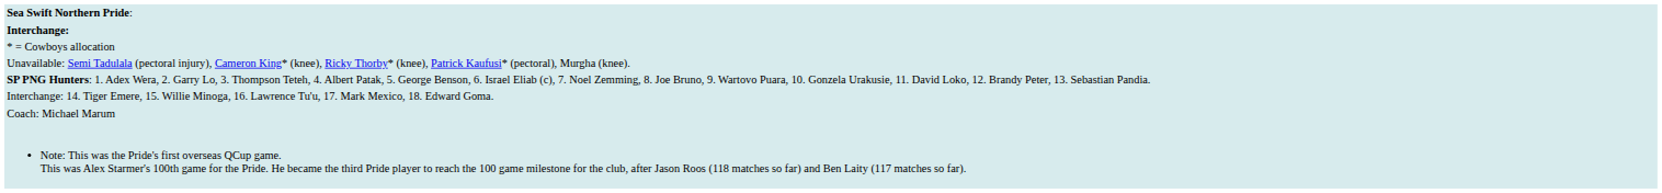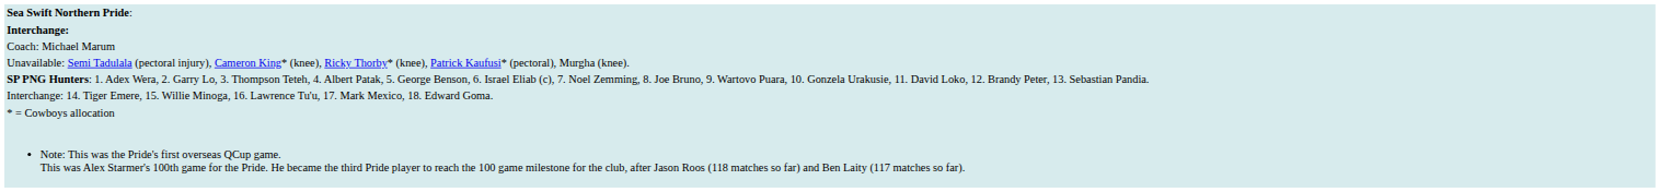 <table style="background:#d7ebed; font-size:85%; width:100%;">
 <tr>
 <td><strong>Sea Swift Northern Pride</strong>:             </td>
 </tr>
 <tr>
 <td><strong>Interchange:    </strong></td>
 </tr>
 <tr>
-<td>* = Cowboys allocation</td>
+<td>Coach: Michael Marum</td>
 </tr>
 <tr>
 <td>Unavailable: <a href='#'>Semi Tadulala</a> (pectoral injury), <a href='#'>Cameron King</a>* (knee), <a href='#'>Ricky Thorby</a>* (knee), <a href='#'>Patrick Kaufusi</a>* (pectoral), Murgha (knee).</td>
 </tr>
 <tr>
 <td><strong>SP PNG Hunters</strong>: 1. Adex Wera, 2. Garry Lo, 3. Thompson Teteh, 4. Albert Patak, 5. George Benson, 6. Israel Eliab (c), 7. Noel Zemming, 8. Joe Bruno, 9. Wartovo Puara, 10. Gonzela Urakusie, 11. David Loko, 12. Brandy Peter, 13. Sebastian Pandia.</td>
 </tr>
 <tr>
 <td>Interchange: 14. Tiger Emere, 15. Willie Minoga, 16. Lawrence Tu'u, 17. Mark Mexico, 18. Edward Goma.</td>
 </tr>
 <tr>
-<td>Coach: Michael Marum</td>
+<td>* = Cowboys allocation</td>
 </tr>
 <tr>
 <td><br><ul><li>Note: This was the Pride's first overseas QCup game.<br>This was Alex Starmer's 100th game for the Pride. He became the third Pride player to reach the 100 game milestone for the club, after Jason Roos (118 matches so far) and Ben Laity (117 matches so far).</li></ul></td>
 </tr>
 </table>
